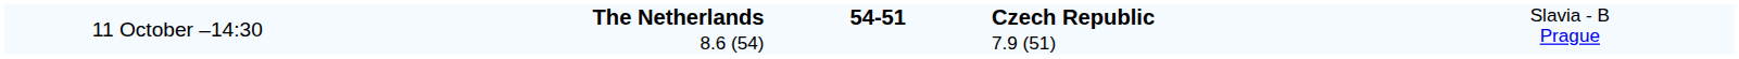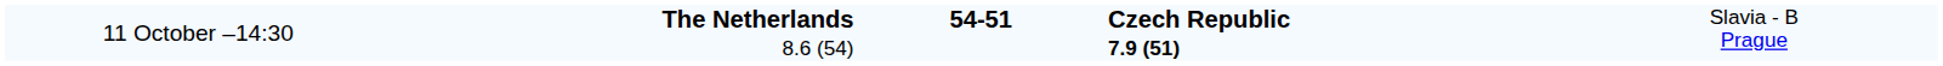 <table style="width: 100%; background:#F5FAFF;" cellspacing="0">
 <tr>
 <td style=font-size:95% align=center rowspan=3 width=20%>11 October –14:30</td>
 </tr>
 <tr>
 <td width=24% align=right><strong>The Netherlands</strong> </td>
 <td align=center width=13%><strong>54-51</strong></td>
 <td width=24%> <strong>Czech Republic</strong></td>
 <td style=font-size:85% rowspan=3 valign=top align=center>Slavia - B <br><a href='#'>Prague</a></td>
 </tr>
 <tr style=font-size:85%>
 <td align=right>8.6 (54)</td>
 <td align=center></td>
-<td>7.9 (51)</td>
+<td><strong>7.9 (51)</strong></td>
 </tr>
 </table>
